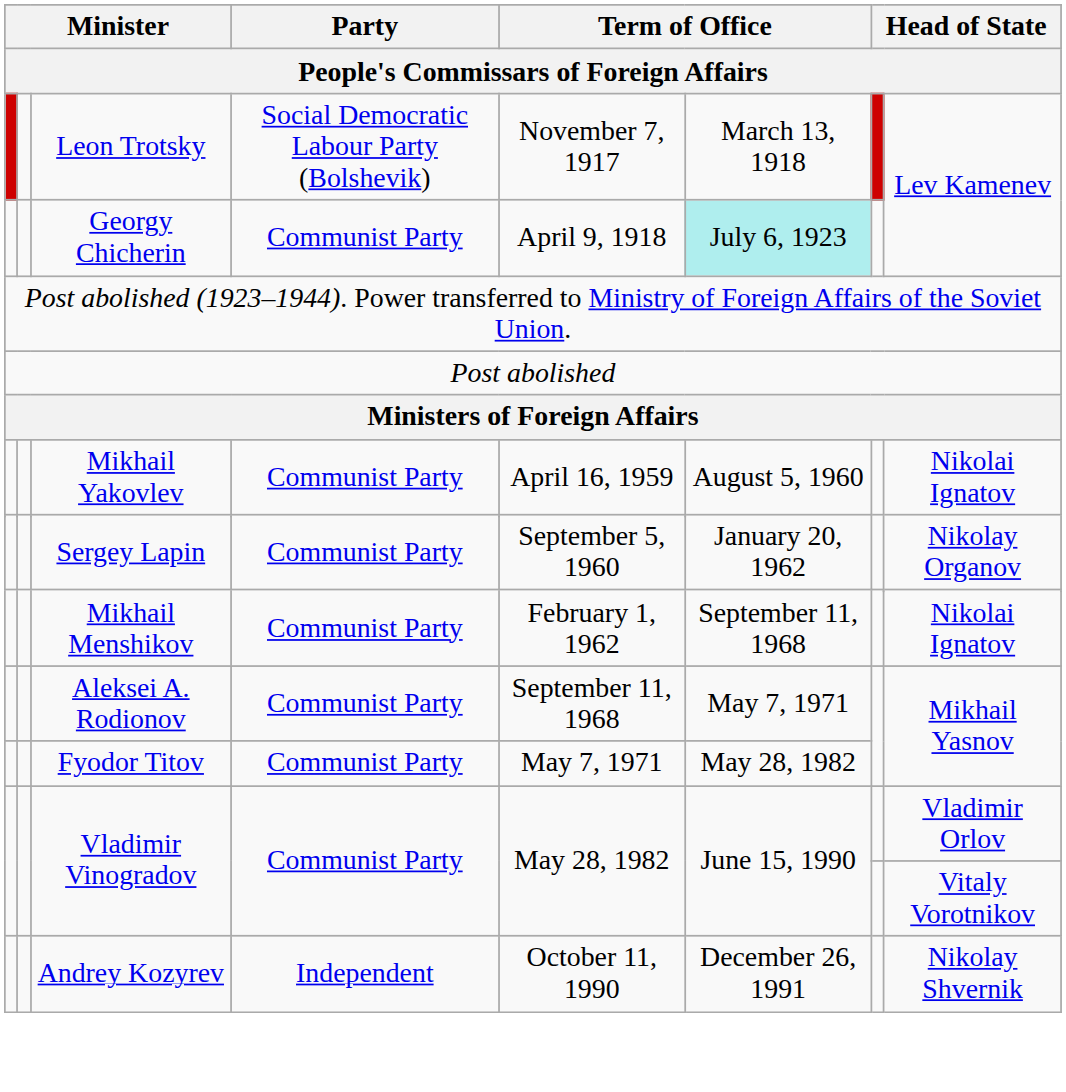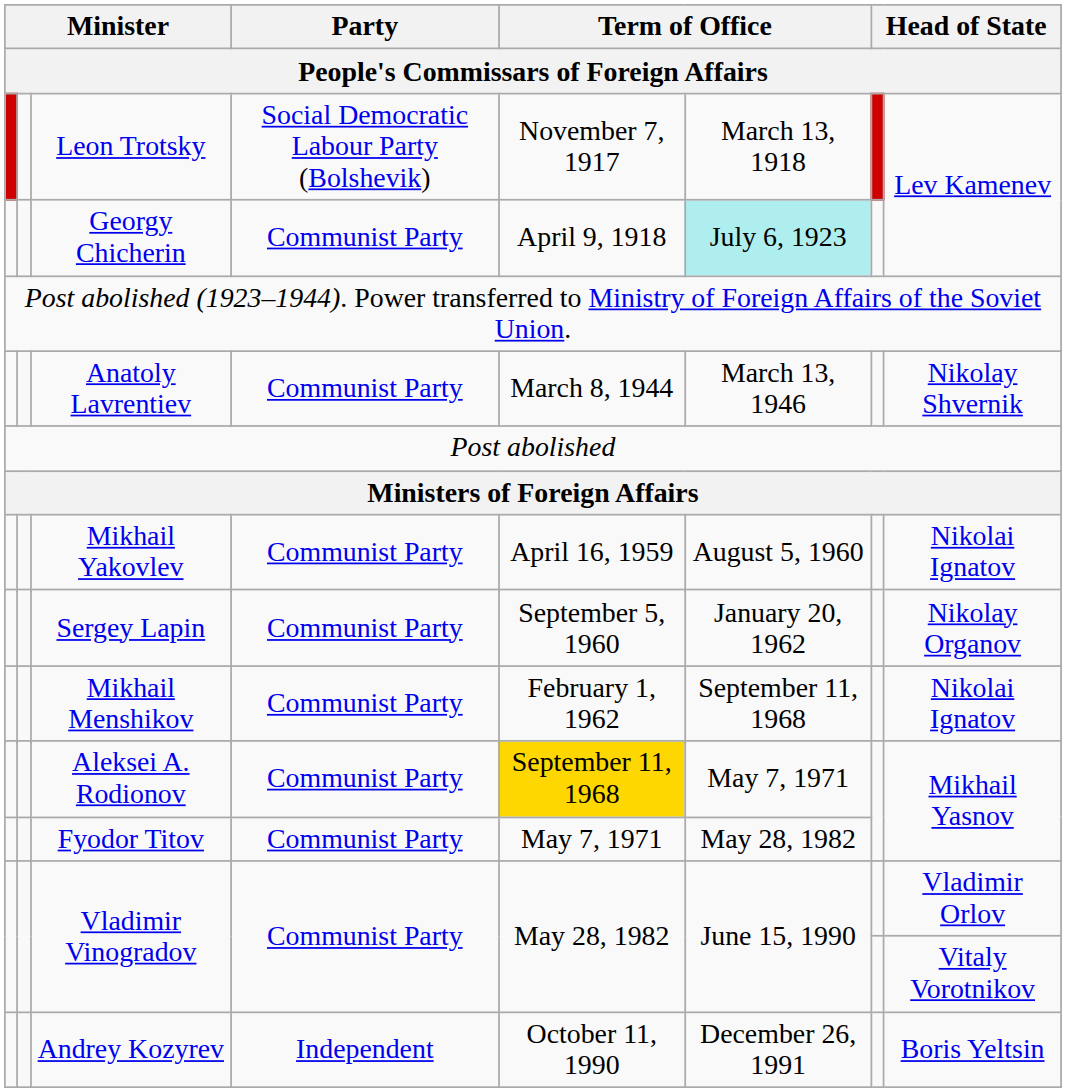 <table class="wikitable" style="text-align:center;">
 <tr>
 <th colspan=3>Minister</th>
 <th>Party</th>
 <th colspan=2>Term of Office</th>
 <th colspan=2>Head of State</th>
 </tr>
 <tr style="text-align:center;">
 <th colspan=8>People's Commissars of Foreign Affairs</th>
 </tr>
 <tr>
 <td style="background: #CE0000;"></td>
 <td></td>
 <td><a href='#'>Leon Trotsky</a></td>
 <td><a href='#'>Social Democratic Labour Party</a><br>(<a href='#'>Bolshevik</a>)</td>
 <td>November 7, 1917</td>
 <td>March 13, 1918</td>
 <td style="background: #CE0000;"></td>
 <td rowspan=2><a href='#'>Lev Kamenev</a></td>
 </tr>
 <tr>
 <td style="background:"></td>
 <td></td>
 <td><a href='#'>Georgy Chicherin</a></td>
 <td><a href='#'>Communist Party</a></td>
 <td>April 9, 1918</td>
 <td style="background: paleturquoise;">July 6, 1923</td>
 <td style="background:"></td>
 </tr>
 <tr>
 <td colspan=8><em>Post abolished (1923–1944)</em>. Power transferred to <a href='#'>Ministry of Foreign Affairs of the Soviet Union</a>.</td>
+</tr>
+<tr>
+<td style="background:"></td>
+<td></td>
+<td><a href='#'>Anatoly Lavrentiev</a></td>
+<td><a href='#'>Communist Party</a></td>
+<td>March 8, 1944</td>
+<td>March 13, 1946</td>
+<td style="background:"></td>
+<td><a href='#'>Nikolay Shvernik</a></td>
 </tr>
 <tr>
 <td colspan=8><em>Post abolished</em></td>
 </tr>
 <tr style="text-align:center;">
 <th colspan=8>Ministers of Foreign Affairs</th>
 </tr>
 <tr>
 <td rowspan=2 style="background:"></td>
 <td rowspan=2></td>
 <td rowspan=2><a href='#'>Mikhail Yakovlev</a></td>
 <td rowspan=2><a href='#'>Communist Party</a></td>
 <td rowspan=2>April 16, 1959</td>
 <td rowspan=2>August 5, 1960</td>
 <td style="background:"></td>
 <td><a href='#'>Nikolai Ignatov</a></td>
 </tr>
 <tr>
 <td rowspan=3 style="background:"></td>
 <td rowspan=3><a href='#'>Nikolay Organov</a></td>
 </tr>
 <tr>
 <td style="background:"></td>
 <td></td>
 <td><a href='#'>Sergey Lapin</a></td>
 <td><a href='#'>Communist Party</a></td>
 <td>September 5, 1960</td>
 <td>January 20, 1962</td>
 </tr>
 <tr>
 <td rowspan=3 style="background:"></td>
 <td rowspan=3></td>
 <td rowspan=3><a href='#'>Mikhail Menshikov</a></td>
 <td rowspan=3><a href='#'>Communist Party</a></td>
 <td rowspan=3>February 1, 1962</td>
 <td rowspan=3>September 11, 1968</td>
 </tr>
 <tr>
 <td style="background:"></td>
 <td><a href='#'>Nikolai Ignatov</a></td>
 </tr>
 <tr>
 <td rowspan=4 style="background:"></td>
 <td rowspan=4><a href='#'>Mikhail Yasnov</a></td>
 </tr>
 <tr>
 <td style="background:"></td>
 <td></td>
 <td><a href='#'>Aleksei A. Rodionov</a></td>
 <td><a href='#'>Communist Party</a></td>
-<td>September 11, 1968</td>
+<td style="background: gold;">September 11, 1968</td>
 <td>May 7, 1971</td>
 </tr>
 <tr>
 <td style="background:"></td>
 <td></td>
 <td><a href='#'>Fyodor Titov</a></td>
 <td><a href='#'>Communist Party</a></td>
 <td>May 7, 1971</td>
 <td>May 28, 1982</td>
 </tr>
 <tr>
 <td rowspan=3 style="background:"></td>
 <td rowspan=3></td>
 <td rowspan=3><a href='#'>Vladimir Vinogradov</a></td>
 <td rowspan=3><a href='#'>Communist Party</a></td>
 <td rowspan=3>May 28, 1982</td>
 <td rowspan=3>June 15, 1990</td>
 </tr>
 <tr>
 <td style="background:"></td>
 <td><a href='#'>Vladimir Orlov</a></td>
 </tr>
 <tr>
 <td style="background:"></td>
 <td><a href='#'>Vitaly Vorotnikov</a></td>
 </tr>
 <tr>
 <td style="background:"></td>
 <td></td>
 <td><a href='#'>Andrey Kozyrev</a></td>
 <td><a href='#'>Independent</a></td>
 <td>October 11, 1990</td>
 <td>December 26, 1991</td>
 <td style="background:"></td>
-<td><a href='#'>Nikolay Shvernik</a></td>
+<td><a href='#'>Boris Yeltsin</a></td>
 </tr>
 </table>
